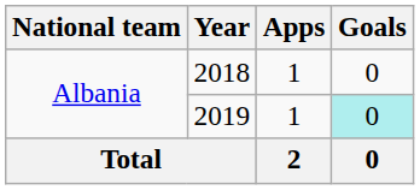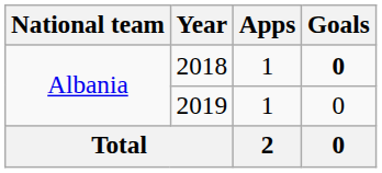 <table class="wikitable" style="text-align:center">
 <tr>
 <th>National team</th>
 <th>Year</th>
 <th>Apps</th>
 <th>Goals</th>
 </tr>
 <tr>
 <td rowspan="2"><a href='#'>Albania</a></td>
 <td>2018</td>
 <td>1</td>
-<td>0</td>
+<td><strong>0</strong></td>
 </tr>
 <tr>
 <td>2019</td>
 <td>1</td>
-<td style="background: paleturquoise;">0</td>
+<td>0</td>
 </tr>
 <tr>
 <th colspan="2">Total</th>
 <th>2</th>
 <th>0</th>
 </tr>
 </table>
